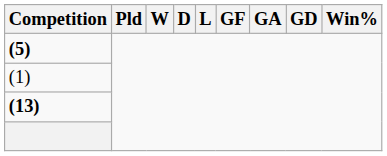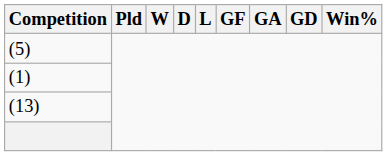 <table class="wikitable sortable" style="text-align: center;">
 <tr>
 <th>Competition</th>
 <th>Pld</th>
 <th>W</th>
 <th>D</th>
 <th>L</th>
 <th>GF</th>
 <th>GA</th>
 <th>GD</th>
 <th>Win%</th>
 </tr>
 <tr>
-<td align=left><strong> (5)<br></strong></td>
+<td align=left> (5)<br></td>
 </tr>
 <tr>
 <td align=left> (1)<br></td>
 </tr>
 <tr>
-<td align=left><strong> (13)<br></strong></td>
+<td align=left> (13)<br></td>
 </tr>
 <tr class="sortbottom">
 <th><br></th>
 </tr>
 </table>
